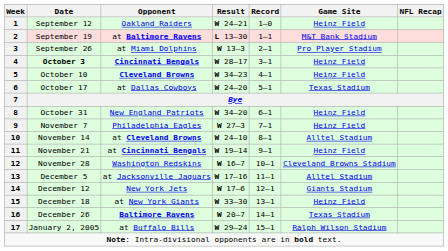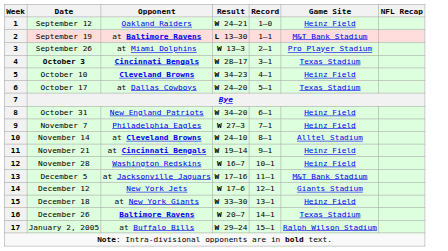 <table class="wikitable" style="text-align:center">
 <tr>
 <th>Week</th>
 <th>Date</th>
 <th>Opponent</th>
 <th>Result</th>
 <th>Record</th>
 <th>Game Site</th>
 <th>NFL Recap</th>
 </tr>
 <tr style="background: #ddffdd;">
 <th>1</th>
 <td>September 12</td>
 <td><a href='#'>Oakland Raiders</a></td>
 <td><strong>W</strong> 24–21</td>
 <td>1–0</td>
 <td><a href='#'>Heinz Field</a></td>
 <td></td>
 </tr>
 <tr style="background:#ffdddd;">
 <th>2</th>
 <td>September 19</td>
 <td>at <strong><a href='#'>Baltimore Ravens</a></strong></td>
 <td><strong>L</strong> 13–30</td>
 <td>1–1</td>
 <td><a href='#'>M&T Bank Stadium</a></td>
 <td></td>
 </tr>
 <tr style="background: #ddffdd;">
 <th>3</th>
 <td>September 26</td>
 <td>at <a href='#'>Miami Dolphins</a></td>
 <td><strong>W</strong> 13–3</td>
 <td>2–1</td>
 <td><a href='#'>Pro Player Stadium</a></td>
 <td></td>
 </tr>
 <tr style="background: #ddffdd;">
 <th>4</th>
 <td><strong>October 3</strong></td>
 <td><strong><a href='#'>Cincinnati Bengals</a></strong></td>
 <td><strong>W</strong> 28–17</td>
 <td>3–1</td>
-<td><a href='#'>Heinz Field</a></td>
+<td><a href='#'>Texas Stadium</a></td>
 <td></td>
 </tr>
 <tr style="background: #ddffdd;">
 <th>5</th>
 <td>October 10</td>
 <td><strong><a href='#'>Cleveland Browns</a></strong></td>
 <td><strong>W</strong> 34–23</td>
 <td>4–1</td>
 <td><a href='#'>Heinz Field</a></td>
 <td></td>
 </tr>
 <tr style="background: #ddffdd;">
 <th>6</th>
 <td>October 17</td>
 <td>at <a href='#'>Dallas Cowboys</a></td>
 <td><strong>W</strong> 24–20</td>
 <td>5–1</td>
 <td><a href='#'>Texas Stadium</a></td>
 <td></td>
 </tr>
 <tr style="background:">
 <th>7</th>
 <th colspan="7"><em><a href='#'>Bye</a></em></th>
 </tr>
 <tr style="background: #ddffdd;">
 <th>8</th>
 <td>October 31</td>
 <td><a href='#'>New England Patriots</a></td>
 <td><strong>W</strong> 34–20</td>
 <td>6–1</td>
 <td><a href='#'>Heinz Field</a></td>
 <td></td>
 </tr>
 <tr style="background: #ddffdd;">
 <th>9</th>
 <td>November 7</td>
 <td><a href='#'>Philadelphia Eagles</a></td>
 <td><strong>W</strong> 27–3</td>
 <td>7–1</td>
 <td><a href='#'>Heinz Field</a></td>
 <td></td>
 </tr>
 <tr style="background: #ddffdd;">
 <th>10</th>
 <td>November 14</td>
 <td>at <strong><a href='#'>Cleveland Browns</a></strong></td>
 <td><strong>W</strong> 24–10</td>
 <td>8–1</td>
 <td><a href='#'>Alltel Stadium</a></td>
 <td></td>
 </tr>
 <tr style="background: #ddffdd;">
 <th>11</th>
 <td>November 21</td>
 <td>at <strong><a href='#'>Cincinnati Bengals</a></strong></td>
 <td><strong>W</strong> 19–14</td>
 <td>9–1</td>
 <td><a href='#'>Heinz Field</a></td>
 <td></td>
 </tr>
 <tr style="background: #ddffdd;">
 <th>12</th>
 <td>November 28</td>
 <td><a href='#'>Washington Redskins</a></td>
 <td><strong>W</strong> 16–7</td>
 <td>10–1</td>
-<td><a href='#'>Cleveland Browns Stadium</a></td>
+<td><a href='#'>Heinz Field</a></td>
 <td></td>
 </tr>
 <tr style="background: #ddffdd;">
 <th>13</th>
 <td>December 5</td>
 <td>at <a href='#'>Jacksonville Jaguars</a></td>
 <td><strong>W</strong> 17–16</td>
 <td>11–1</td>
-<td><a href='#'>Alltel Stadium</a></td>
+<td><a href='#'>M&T Bank Stadium</a></td>
 <td></td>
 </tr>
 <tr style="background: #ddffdd;">
 <th>14</th>
 <td>December 12</td>
 <td><a href='#'>New York Jets</a></td>
 <td><strong>W</strong> 17–6</td>
 <td>12–1</td>
 <td><a href='#'>Giants Stadium</a></td>
 <td></td>
 </tr>
 <tr style="background: #ddffdd;">
 <th>15</th>
 <td>December 18</td>
 <td>at <a href='#'>New York Giants</a></td>
 <td><strong>W</strong> 33–30</td>
 <td>13–1</td>
 <td><a href='#'>Heinz Field</a></td>
 <td></td>
 </tr>
 <tr style="background: #ddffdd;">
 <th>16</th>
 <td>December 26</td>
 <td><strong><a href='#'>Baltimore Ravens</a></strong></td>
 <td><strong>W</strong> 20–7</td>
 <td>14–1</td>
 <td><a href='#'>Texas Stadium</a></td>
 <td></td>
 </tr>
 <tr style="background: #ddffdd;">
 <th>17</th>
 <td>January 2, 2005</td>
 <td>at <a href='#'>Buffalo Bills</a></td>
 <td><strong>W</strong> 29–24</td>
 <td>15–1</td>
 <td><a href='#'>Ralph Wilson Stadium</a></td>
 <td></td>
 </tr>
 <tr>
 <td colspan="7"><strong>Note</strong>: Intra-divisional opponents are in <strong>bold</strong> text.</td>
 </tr>
 </table>
